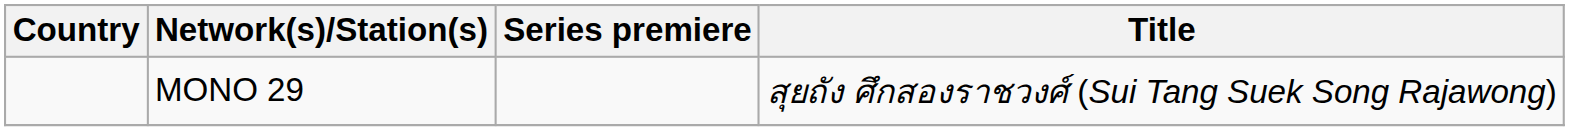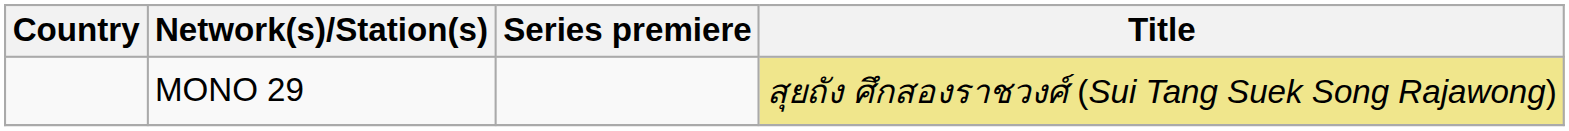 <table class="sortable wikitable">
 <tr>
 <th>Country</th>
 <th>Network(s)/Station(s)</th>
 <th>Series premiere</th>
 <th>Title</th>
 </tr>
 <tr>
 <td></td>
 <td>MONO 29</td>
 <td></td>
-<td><em>สุยถัง ศึกสองราชวงศ์</em> (<em>Sui Tang Suek Song Rajawong</em>)</td>
+<td style="background: khaki;"><em>สุยถัง ศึกสองราชวงศ์</em> (<em>Sui Tang Suek Song Rajawong</em>)</td>
 </tr>
 <tr>
 </tr>
 </table>
